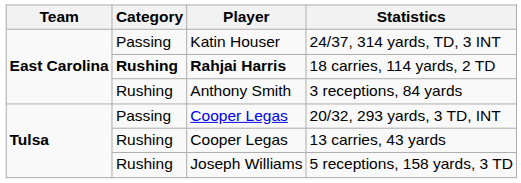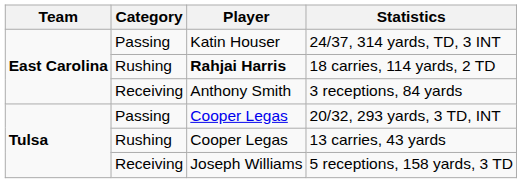 <table class="wikitable" style="float: right;">
 <tr>
 <th>Team</th>
 <th>Category</th>
 <th>Player</th>
 <th>Statistics</th>
 </tr>
 <tr>
 <td rowspan=3><strong>East Carolina</strong></td>
 <td>Passing</td>
 <td>Katin Houser</td>
 <td>24/37, 314 yards, TD, 3 INT</td>
 </tr>
 <tr>
-<td><strong>Rushing</strong></td>
+<td>Rushing</td>
 <td><strong>Rahjai Harris</strong></td>
 <td>18 carries, 114 yards, 2 TD</td>
 </tr>
 <tr>
-<td>Rushing</td>
+<td>Receiving</td>
 <td>Anthony Smith</td>
 <td>3 receptions, 84 yards</td>
 </tr>
 <tr>
 <td rowspan=3><strong>Tulsa</strong></td>
 <td>Passing</td>
 <td><a href='#'>Cooper Legas</a></td>
 <td>20/32, 293 yards, 3 TD, INT</td>
 </tr>
 <tr>
 <td>Rushing</td>
 <td>Cooper Legas</td>
 <td>13 carries, 43 yards</td>
 </tr>
 <tr>
-<td>Rushing</td>
+<td>Receiving</td>
 <td>Joseph Williams</td>
 <td>5 receptions, 158 yards, 3 TD</td>
 </tr>
 </table>
